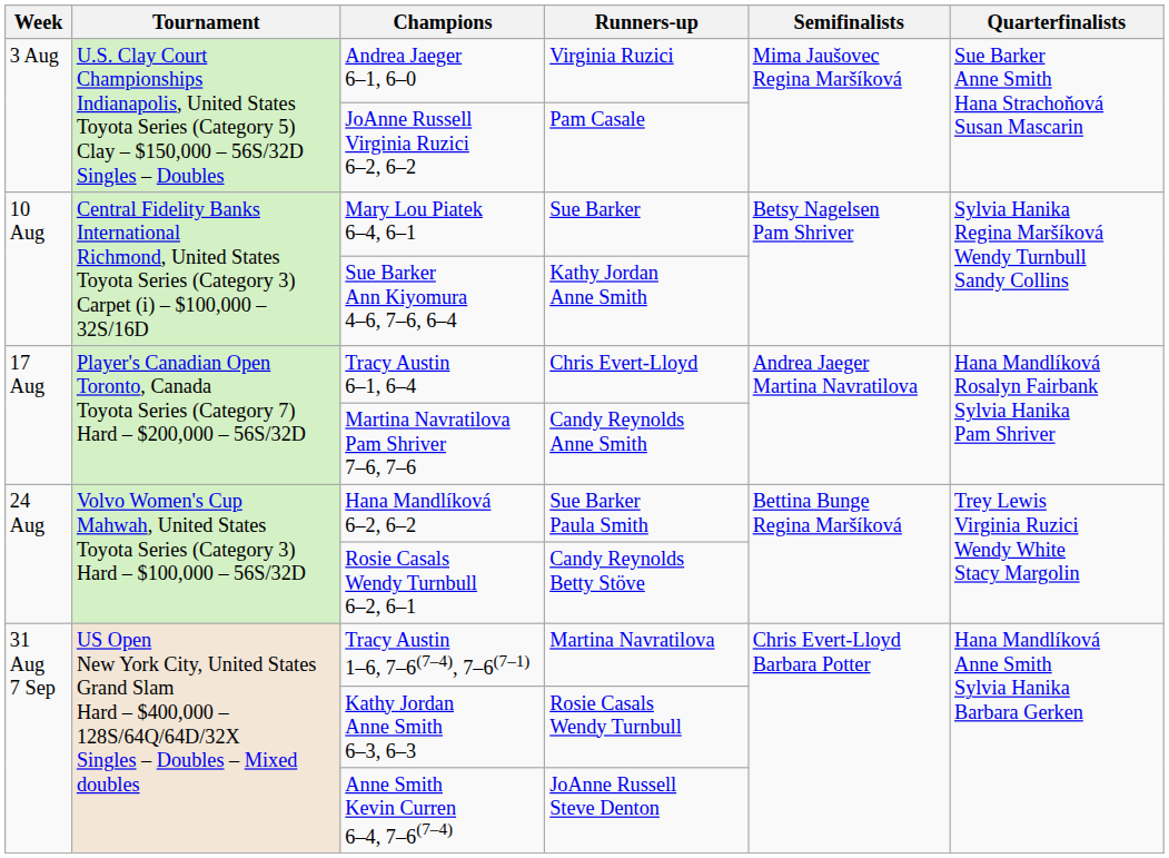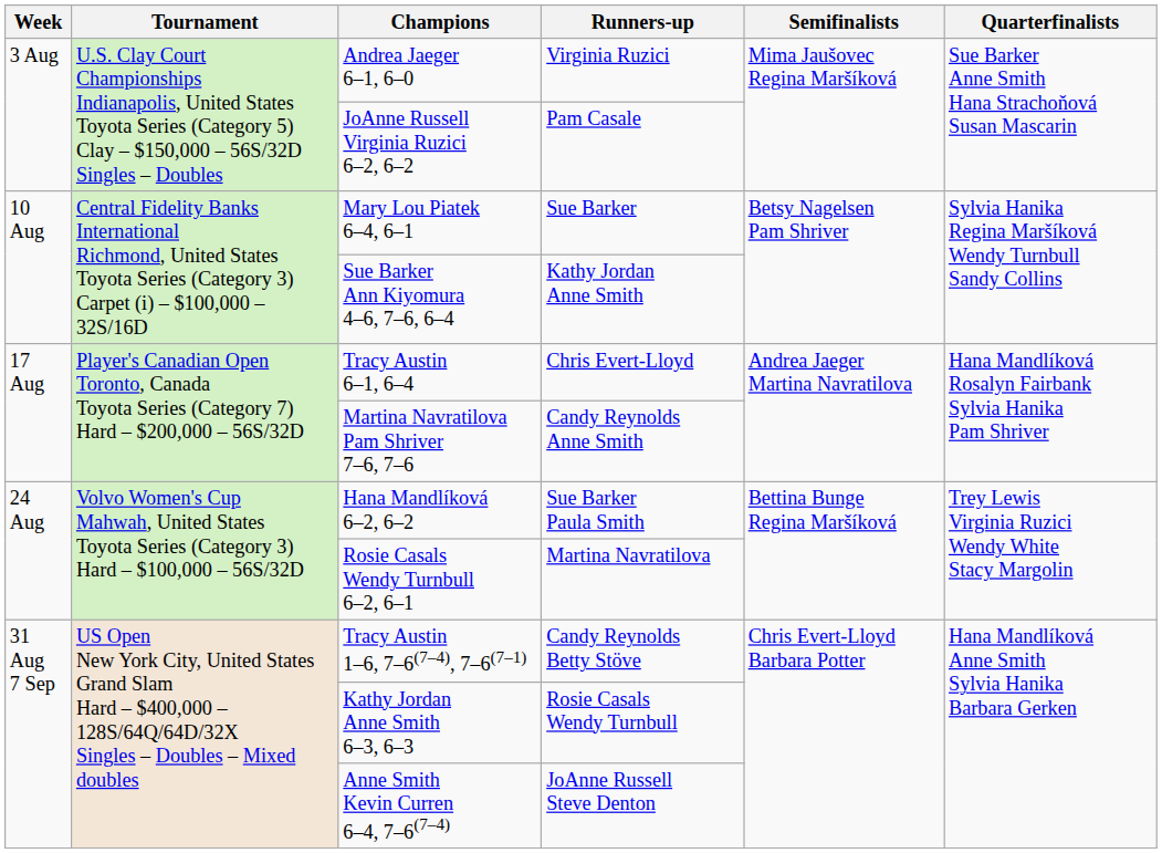 <table class=wikitable style=font-size:95%>
 <tr>
 <th style="width:48px;">Week</th>
 <th style="width:248px;">Tournament</th>
 <th style="width:200px;">Champions</th>
 <th style="width:200px;">Runners-up</th>
 <th style="width:190px;">Semifinalists</th>
 <th style="width:190px;">Quarterfinalists</th>
 </tr>
 <tr valign="top">
 <td rowspan=2>3 Aug</td>
 <td rowspan=2 bgcolor=#D4F1C5><a href='#'>U.S. Clay Court Championships</a><br> <a href='#'>Indianapolis</a>, United States<br>Toyota Series (Category 5)<br>Clay – $150,000 – 56S/32D <br><a href='#'>Singles</a> – <a href='#'>Doubles</a></td>
 <td> <a href='#'>Andrea Jaeger</a><br>6–1, 6–0</td>
 <td> <a href='#'>Virginia Ruzici</a></td>
 <td rowspan=2> <a href='#'>Mima Jaušovec</a><br> <a href='#'>Regina Maršíková</a></td>
 <td rowspan=2> <a href='#'>Sue Barker</a><br> <a href='#'>Anne Smith</a><br>  <a href='#'>Hana Strachoňová</a><br> <a href='#'>Susan Mascarin</a><br></td>
 </tr>
 <tr valign="top">
 <td> <a href='#'>JoAnne Russell</a><br> <a href='#'>Virginia Ruzici</a><br> 6–2, 6–2</td>
 <td> <a href='#'>Pam Casale</a></td>
 </tr>
 <tr valign=top>
 <td rowspan=2>10 Aug</td>
 <td rowspan=2 bgcolor=#D4F1C5><a href='#'>Central Fidelity Banks International</a><br> <a href='#'>Richmond</a>, United States <br>Toyota Series (Category 3) <br>Carpet (i) – $100,000 – 32S/16D</td>
 <td> <a href='#'>Mary Lou Piatek</a><br> 6–4, 6–1</td>
 <td> <a href='#'>Sue Barker</a></td>
 <td rowspan=2> <a href='#'>Betsy Nagelsen</a> <br> <a href='#'>Pam Shriver</a></td>
 <td rowspan=2>  <a href='#'>Sylvia Hanika</a><br> <a href='#'>Regina Maršíková</a> <br>  <a href='#'>Wendy Turnbull</a> <br> <a href='#'>Sandy Collins</a></td>
 </tr>
 <tr valign="top">
 <td> <a href='#'>Sue Barker</a><br> <a href='#'>Ann Kiyomura</a> <br>4–6, 7–6, 6–4</td>
 <td> <a href='#'>Kathy Jordan</a> <br> <a href='#'>Anne Smith</a></td>
 </tr>
 <tr valign="top">
 <td rowspan=2>17 Aug</td>
 <td rowspan=2 bgcolor=#D4F1C5><a href='#'>Player's Canadian Open</a><br> <a href='#'>Toronto</a>, Canada<br>Toyota Series  (Category 7)<br>Hard – $200,000 – 56S/32D</td>
 <td> <a href='#'>Tracy Austin</a><br>6–1, 6–4</td>
 <td> <a href='#'>Chris Evert-Lloyd</a></td>
 <td rowspan=2> <a href='#'>Andrea Jaeger</a><br> <a href='#'>Martina Navratilova</a></td>
 <td rowspan=2> <a href='#'>Hana Mandlíková</a><br> <a href='#'>Rosalyn Fairbank</a><br>   <a href='#'>Sylvia Hanika</a><br> <a href='#'>Pam Shriver</a></td>
 </tr>
 <tr valign="top">
 <td> <a href='#'>Martina Navratilova</a><br> <a href='#'>Pam Shriver</a><br> 7–6, 7–6</td>
 <td> <a href='#'>Candy Reynolds</a><br> <a href='#'>Anne Smith</a></td>
 </tr>
 <tr valign=top>
 <td rowspan=2>24 Aug</td>
 <td rowspan=2 bgcolor=#D4F1C5><a href='#'>Volvo Women's Cup</a><br> <a href='#'>Mahwah</a>, United States<br>Toyota Series (Category 3)<br>Hard – $100,000 – 56S/32D</td>
 <td> <a href='#'>Hana Mandlíková</a><br>6–2, 6–2</td>
 <td> <a href='#'>Sue Barker</a><br> <a href='#'>Paula Smith</a></td>
 <td rowspan=2> <a href='#'>Bettina Bunge</a><br> <a href='#'>Regina Maršíková</a></td>
 <td rowspan=2> <a href='#'>Trey Lewis</a><br> <a href='#'>Virginia Ruzici</a><br>  <a href='#'>Wendy White</a> <br> <a href='#'>Stacy Margolin</a></td>
 </tr>
 <tr valign="top">
 <td> <a href='#'>Rosie Casals</a><br> <a href='#'>Wendy Turnbull</a><br> 6–2, 6–1</td>
-<td> <a href='#'>Candy Reynolds</a><br> <a href='#'>Betty Stöve</a></td>
+<td> <a href='#'>Martina Navratilova</a></td>
 </tr>
 <tr valign=top>
 <td rowspan=3>31 Aug<br>7 Sep</td>
 <td rowspan=3 style="background:#F3E6D7;"><a href='#'>US Open</a><br> New York City, United States<br>Grand Slam <br>Hard – $400,000 – 128S/64Q/64D/32X <br><a href='#'>Singles</a> – <a href='#'>Doubles</a> – <a href='#'>Mixed doubles</a></td>
 <td> <a href='#'>Tracy Austin</a> <br>1–6, 7–6<sup>(7–4)</sup>, 7–6<sup>(7–1)</sup></td>
-<td> <a href='#'>Martina Navratilova</a></td>
+<td> <a href='#'>Candy Reynolds</a><br> <a href='#'>Betty Stöve</a></td>
 <td rowspan=3> <a href='#'>Chris Evert-Lloyd</a> <br> <a href='#'>Barbara Potter</a> <br></td>
 <td rowspan=3> <a href='#'>Hana Mandlíková</a> <br> <a href='#'>Anne Smith</a><br>  <a href='#'>Sylvia Hanika</a><br> <a href='#'>Barbara Gerken</a></td>
 </tr>
 <tr valign="top">
 <td> <a href='#'>Kathy Jordan</a> <br> <a href='#'>Anne Smith</a> <br> 6–3, 6–3</td>
 <td> <a href='#'>Rosie Casals</a><br> <a href='#'>Wendy Turnbull</a></td>
 </tr>
 <tr valign="top">
 <td> <a href='#'>Anne Smith</a><br> <a href='#'>Kevin Curren</a> <br>6–4, 7–6<sup>(7–4)</sup></td>
 <td> <a href='#'>JoAnne Russell</a><br>  <a href='#'>Steve Denton</a></td>
 </tr>
 </table>
